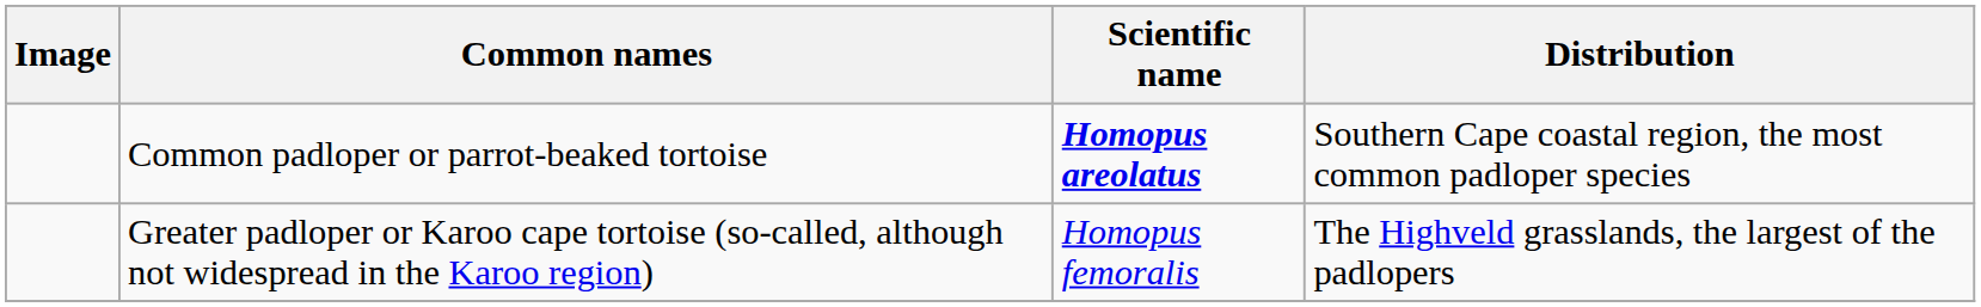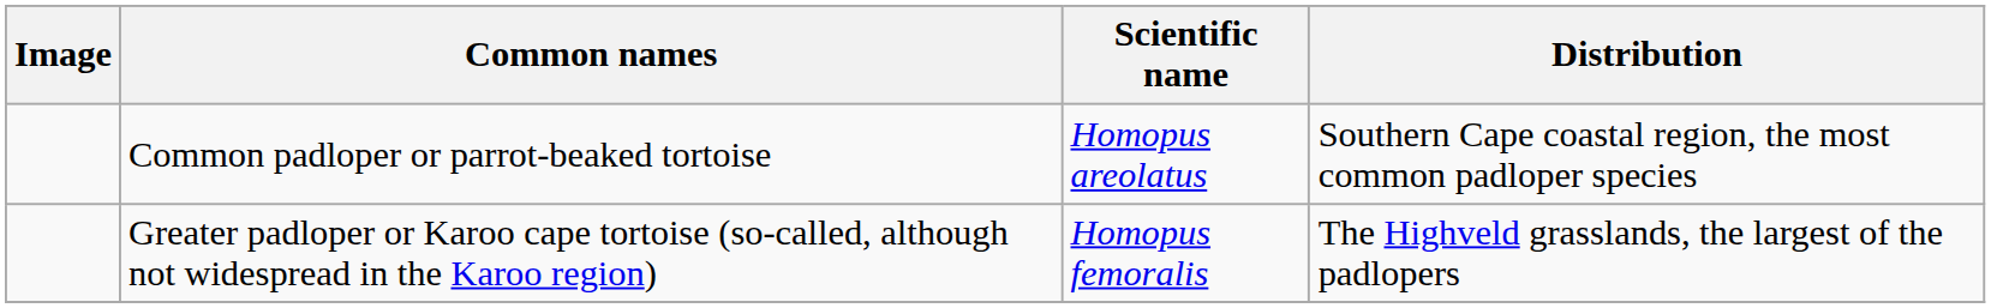 <table class="wikitable">
 <tr>
 <th>Image</th>
 <th>Common names</th>
 <th>Scientific name</th>
 <th>Distribution</th>
 </tr>
 <tr>
 <td></td>
 <td>Common padloper or parrot-beaked tortoise</td>
-<td><strong><em><a href='#'>Homopus areolatus</a></em></strong></td>
+<td><em><a href='#'>Homopus areolatus</a></em></td>
 <td>Southern Cape coastal region, the most common padloper species</td>
 </tr>
 <tr>
 <td></td>
 <td>Greater padloper or Karoo cape tortoise (so-called, although not widespread in the <a href='#'>Karoo region</a>)</td>
 <td><em><a href='#'>Homopus femoralis</a></em></td>
 <td>The <a href='#'>Highveld</a> grasslands, the largest of the padlopers</td>
 </tr>
 <tr>
 </tr>
 </table>
